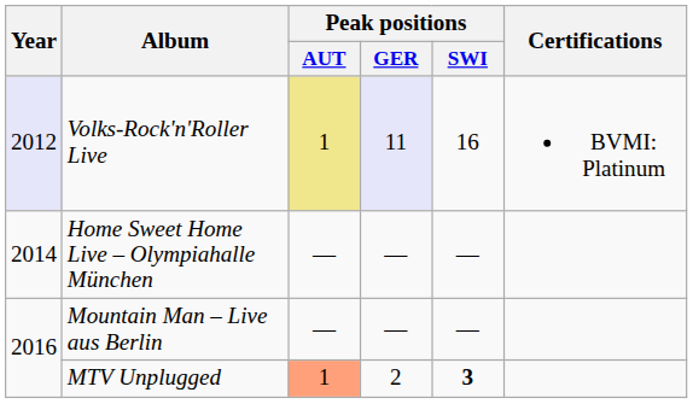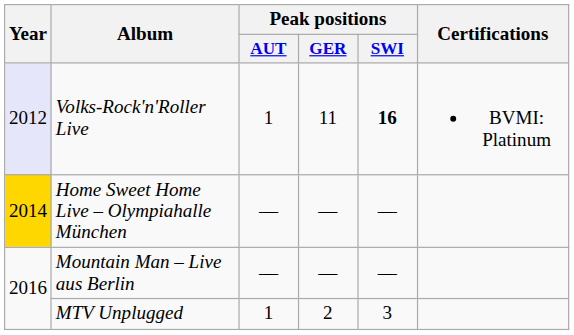 <table class="wikitable">
 <tr>
 <th align="center" rowspan="2" width="10">Year</th>
 <th align="center" rowspan="2" width="150">Album</th>
 <th align="center" colspan="3" width="30">Peak positions</th>
 <th align="center" rowspan="2" width="120">Certifications</th>
 </tr>
 <tr>
 <th scope="col" style="width:3em;font-size:90%;"><a href='#'>AUT</a><br></th>
 <th scope="col" style="width:3em;font-size:90%;"><a href='#'>GER</a><br></th>
 <th scope="col" style="width:3em;font-size:90%;"><a href='#'>SWI</a><br></th>
 </tr>
 <tr>
 <td align="center" style="background: lavender;">2012</td>
 <td><em>Volks-Rock'n'Roller Live</em></td>
-<td align="center" style="background: khaki;">1</td>
-<td align="center" style="background: lavender;">11</td>
-<td align="center">16</td>
+<td align="center">1</td>
+<td align="center">11</td>
+<td align="center"><strong>16</strong></td>
 <td align="center"><br><ul><li>BVMI: Platinum</li></ul></td>
 </tr>
 <tr>
-<td align="center">2014</td>
+<td align="center" style="background: gold;">2014</td>
 <td><em>Home Sweet Home Live – Olympiahalle München</em></td>
 <td align="center">—</td>
 <td align="center">—</td>
 <td align="center">—</td>
 <td align="center"></td>
 </tr>
 <tr>
 <td align="center" rowspan="2">2016</td>
 <td><em>Mountain Man – Live aus Berlin</em></td>
 <td align="center">—</td>
 <td align="center">—</td>
 <td align="center">—</td>
 <td align="center"></td>
 </tr>
 <tr>
 <td><em>MTV Unplugged</em></td>
-<td align="center" style="background: lightsalmon;">1</td>
+<td align="center">1</td>
 <td align="center">2</td>
-<td align="center"><strong>3</strong></td>
+<td align="center">3</td>
 <td align="center"></td>
 </tr>
 </table>
